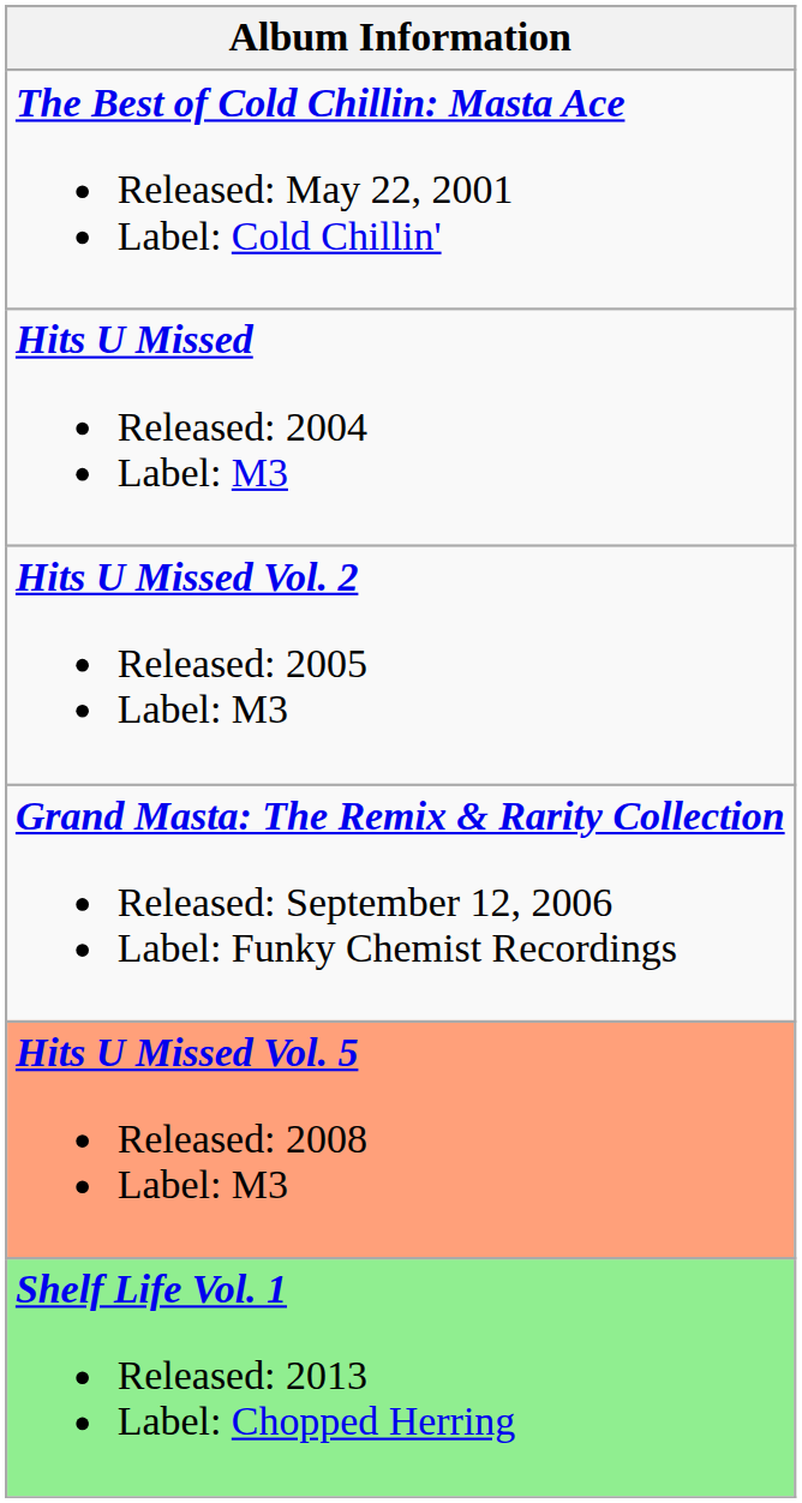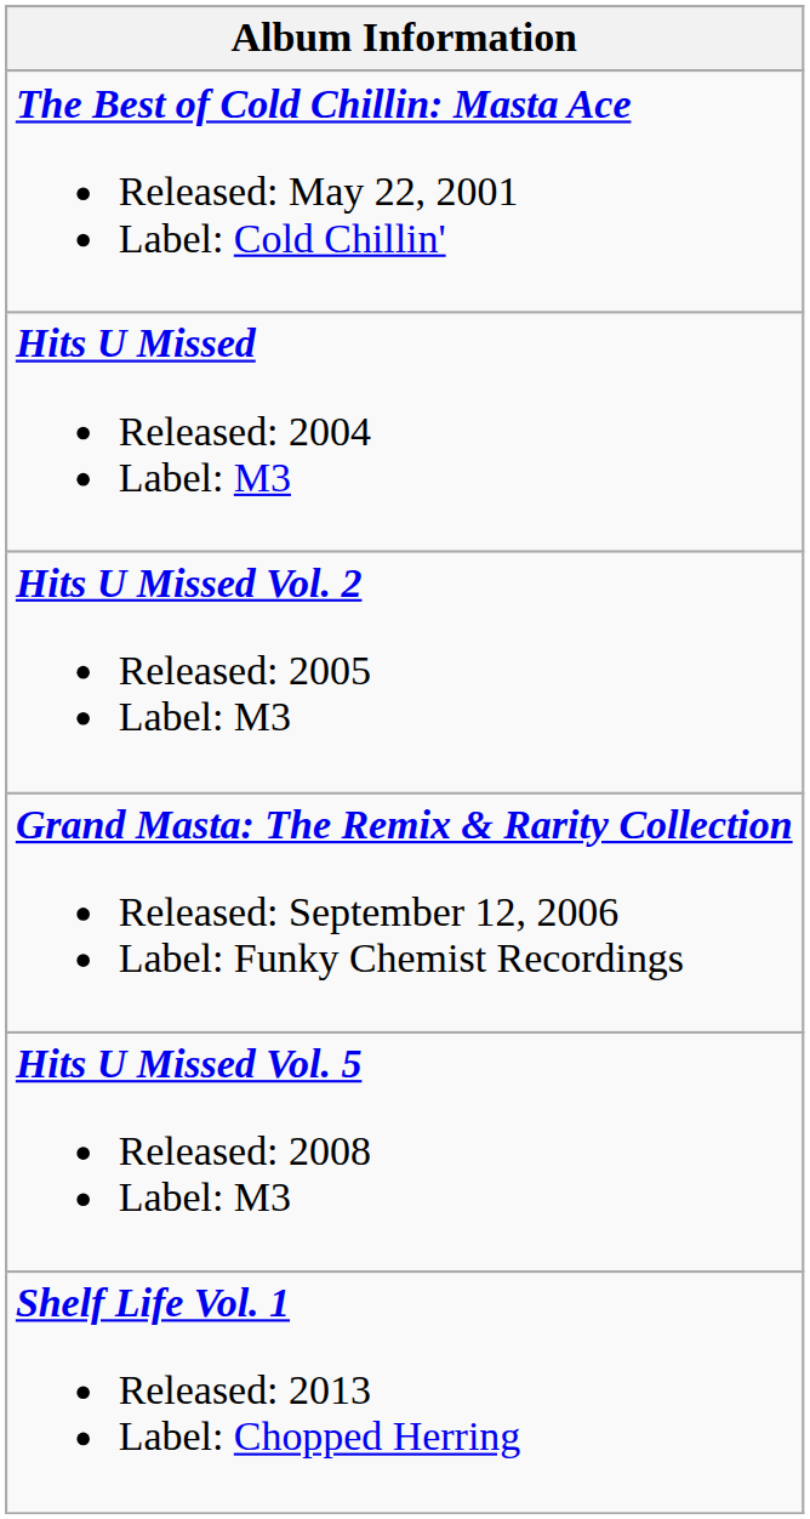 <table class="wikitable">
 <tr>
 <th align="left">Album Information</th>
 </tr>
 <tr>
 <td align="left"><strong><em><a href='#'>The Best of Cold Chillin: Masta Ace</a></em></strong><br><ul><li>Released: May 22, 2001</li><li>Label: <a href='#'>Cold Chillin'</a></li></ul></td>
 </tr>
 <tr>
 <td align="left"><strong><em><a href='#'>Hits U Missed</a></em></strong><br><ul><li>Released: 2004</li><li>Label: <a href='#'>M3</a></li></ul></td>
 </tr>
 <tr>
 <td align="left"><strong><em><a href='#'>Hits U Missed Vol. 2</a></em></strong><br><ul><li>Released: 2005</li><li>Label: M3</li></ul></td>
 </tr>
 <tr>
 <td align="left"><strong><em><a href='#'>Grand Masta: The Remix & Rarity Collection</a></em></strong><br><ul><li>Released: September 12, 2006</li><li>Label: Funky Chemist Recordings</li></ul></td>
 </tr>
 <tr>
-<td align="left" style="background: lightsalmon;"><strong><em><a href='#'>Hits U Missed Vol. 5</a></em></strong><br><ul><li>Released: 2008</li><li>Label: M3</li></ul></td>
+<td align="left"><strong><em><a href='#'>Hits U Missed Vol. 5</a></em></strong><br><ul><li>Released: 2008</li><li>Label: M3</li></ul></td>
 </tr>
 <tr>
-<td align="left" style="background: lightgreen;"><strong><em><a href='#'>Shelf Life Vol. 1</a></em></strong><br><ul><li>Released: 2013</li><li>Label: <a href='#'>Chopped Herring</a></li></ul></td>
+<td align="left"><strong><em><a href='#'>Shelf Life Vol. 1</a></em></strong><br><ul><li>Released: 2013</li><li>Label: <a href='#'>Chopped Herring</a></li></ul></td>
 </tr>
 </table>
